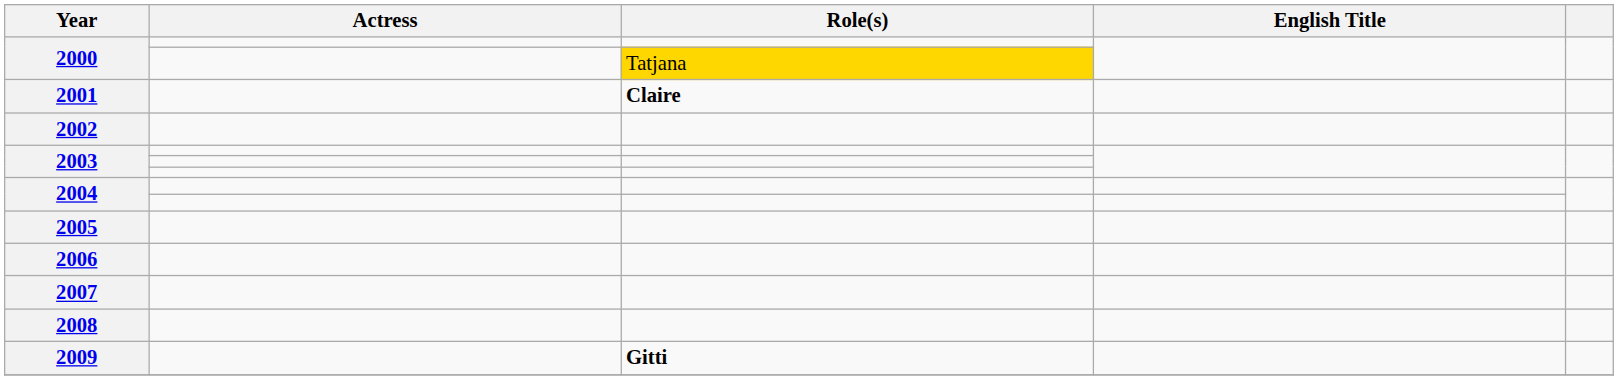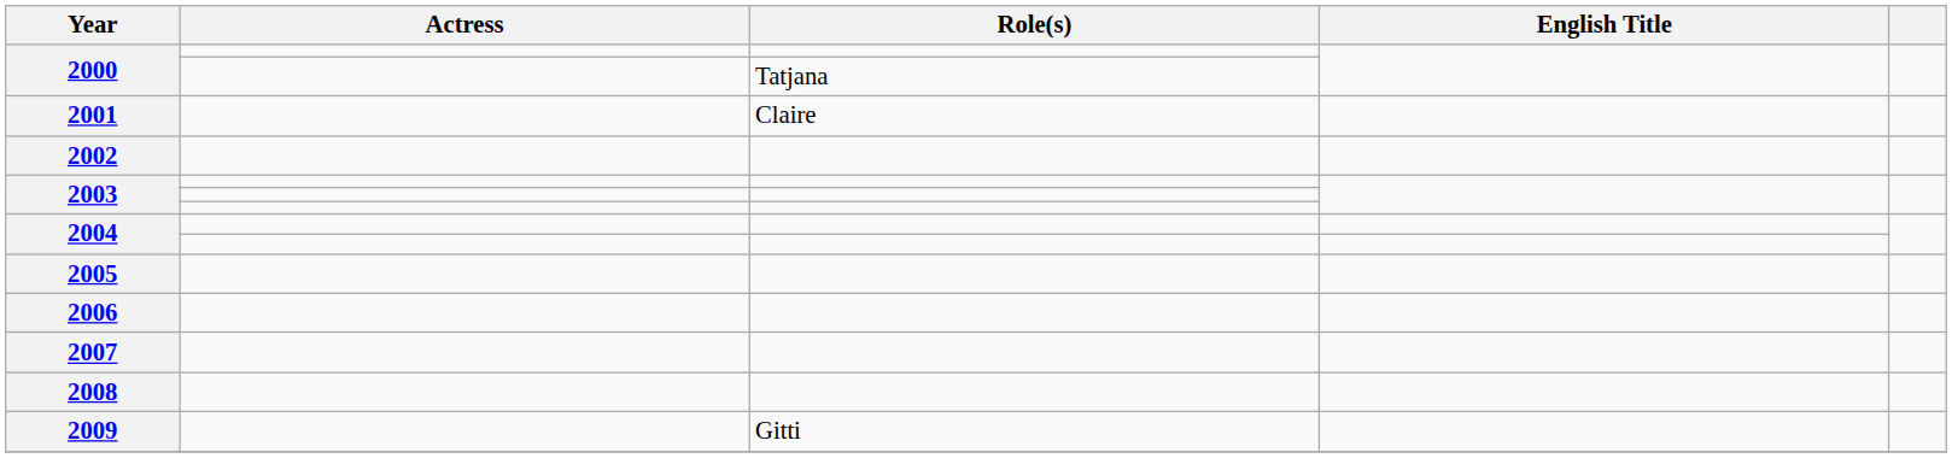 <table class="wikitable unsortable">
 <tr>
 <th scope="col" style="width:3%;">Year</th>
 <th scope="col" style="width:10%;">Actress</th>
 <th scope="col" style="width:10%;">Role(s)</th>
 <th scope="col" style="width:10%;">English Title</th>
 <th scope="col" style="width:1%;" class="unsortable"></th>
 </tr>
 <tr>
 <th scope="row", rowspan=2, style="text-align:center"><a href='#'>2000</a></th>
 <td></td>
 <td></td>
 <td rowspan="2"></td>
 <td rowspan="2" style="text-align:center;"></td>
 </tr>
 <tr>
 <td></td>
-<td style="background: gold;">Tatjana</td>
+<td>Tatjana</td>
 </tr>
 <tr>
 <th scope="row", style="text-align:center;"><a href='#'>2001</a></th>
 <td></td>
-<td><strong>Claire</strong></td>
+<td>Claire</td>
 <td colspan="1"></td>
 <td style="text-align:center;"></td>
 </tr>
 <tr>
 <th scope="row", style="text-align:center;"><a href='#'>2002</a></th>
 <td></td>
 <td></td>
 <td colspan="1"></td>
 <td style="text-align:center;"></td>
 </tr>
 <tr>
 <th scope="row", rowspan="3" style="text-align:center;"><a href='#'>2003</a></th>
 <td></td>
 <td></td>
 <td colspan="1" rowspan="3"></td>
 <td rowspan="3" style="text-align:center;"></td>
 </tr>
 <tr>
 <td></td>
 <td></td>
 </tr>
 <tr>
 <td></td>
 <td></td>
 </tr>
 <tr>
 <th scope="row", rowspan="2" style="text-align:center;"><a href='#'>2004</a></th>
 <td></td>
 <td></td>
 <td></td>
 <td rowspan="2" style="text-align:center;"></td>
 </tr>
 <tr>
 <td></td>
 <td></td>
 <td colspan="1"></td>
 </tr>
 <tr>
 <th scope="row", style="text-align:center;"><a href='#'>2005</a></th>
 <td></td>
 <td></td>
 <td></td>
 <td style="text-align:center;"></td>
 </tr>
 <tr>
 <th scope="row", style="text-align:center;"><a href='#'>2006</a></th>
 <td></td>
 <td></td>
 <td colspan="1"></td>
 <td style="text-align:center;"></td>
 </tr>
 <tr>
 <th scope="row", style="text-align:center;"><a href='#'>2007</a></th>
 <td></td>
 <td></td>
 <td colspan="1"></td>
 <td style="text-align:center;"></td>
 </tr>
 <tr>
 <th scope="row", style="text-align:center;"><a href='#'>2008</a></th>
 <td></td>
 <td></td>
 <td colspan="1"></td>
 <td style="text-align:center;"></td>
 </tr>
 <tr>
 <th scope="row", style="text-align:center;"><a href='#'>2009</a></th>
 <td></td>
-<td><strong>Gitti</strong></td>
+<td>Gitti</td>
 <td></td>
 <td style="text-align:center;"></td>
 </tr>
 <tr>
 </tr>
 </table>
